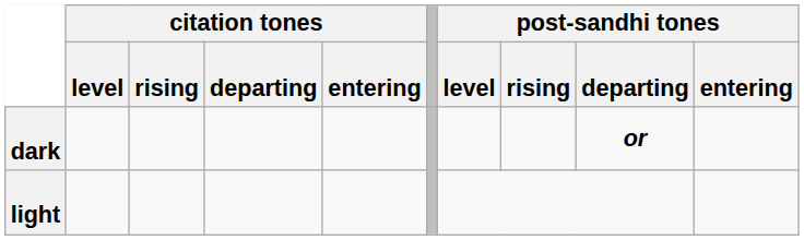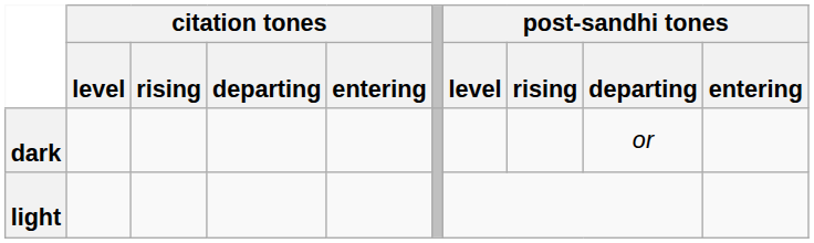 <table class="wikitable" style="text-align:center;margin-right:1.4em;">
 <tr>
 <th rowspan="2" style="border-left:hidden;border-top:hidden;background-color:white;"></th>
 <th colspan="4">citation tones</th>
 <th rowspan="2" style="background-color:Silver;"></th>
 <th colspan="4">post-sandhi tones</th>
 </tr>
 <tr>
 <th><br>level</th>
 <th><br>rising</th>
 <th><br>departing</th>
 <th><br>entering</th>
 <th><br>level</th>
 <th><br>rising</th>
 <th><br>departing</th>
 <th><br>entering</th>
 </tr>
 <tr>
 <th><br>dark</th>
 <td></td>
 <td></td>
 <td></td>
 <td></td>
 <td rowspan="2" style="background-color:Silver;"></td>
 <td></td>
 <td></td>
-<td><strong> <em>or</em> </strong></td>
+<td> <em>or</em> </td>
 <td></td>
 </tr>
 <tr>
 <th><br>light</th>
 <td></td>
 <td></td>
 <td></td>
 <td></td>
 <td colspan="3"></td>
 <td></td>
 </tr>
 </table>
